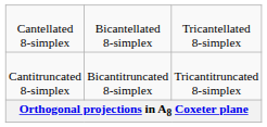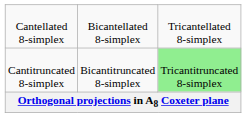 <table class=wikitable align=right style="margin-left:1em;">
 <tr align=center>
 <td><br>Cantellated<br>8-simplex<br></td>
 <td><br>Bicantellated<br>8-simplex<br></td>
 <td><br>Tricantellated<br>8-simplex<br></td>
 </tr>
 <tr align=center>
 <td><br>Cantitruncated<br>8-simplex<br></td>
 <td><br>Bicantitruncated<br>8-simplex<br></td>
-<td><br>Tricantitruncated<br>8-simplex<br></td>
+<td style="background: lightgreen;"><br>Tricantitruncated<br>8-simplex<br></td>
 </tr>
 <tr>
 <th colspan=4><a href='#'>Orthogonal projections</a> in A<sub>8</sub> <a href='#'>Coxeter plane</a></th>
 </tr>
 </table>
